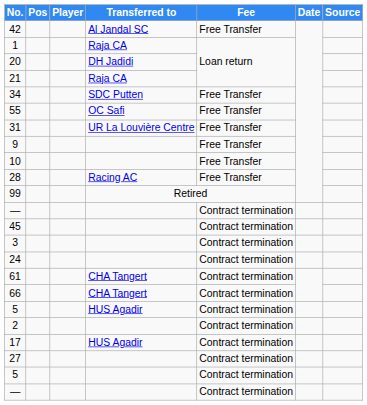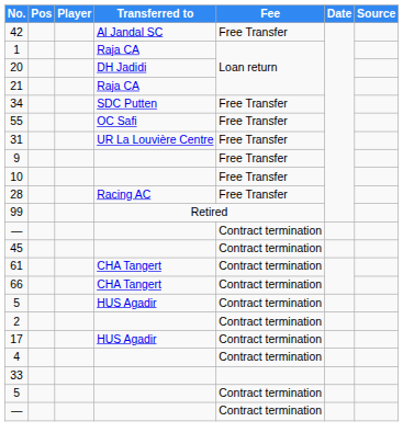 <table class="wikitable plainrowheaders sortable">
 <tr>
 <th style="background:#3088f2; color:#ffffff; ">No.</th>
 <th style="background:#3088f2; color:#ffffff; ">Pos</th>
 <th style="background:#3088f2; color:#ffffff; ">Player</th>
 <th style="background:#3088f2; color:#ffffff; ">Transferred to</th>
 <th style="background:#3088f2; color:#ffffff; ">Fee</th>
 <th style="background:#3088f2; color:#ffffff; ">Date</th>
 <th style="background:#3088f2; color:#ffffff; ">Source</th>
 </tr>
 <tr>
 <td align=center>42</td>
 <td align=center></td>
 <td></td>
 <td> <a href='#'>Al Jandal SC</a></td>
 <td>Free Transfer</td>
 <td rowspan=11></td>
 <td></td>
 </tr>
 <tr>
 <td align=center>1</td>
 <td align=center></td>
 <td></td>
 <td><a href='#'>Raja CA</a></td>
 <td rowspan=3>Loan return</td>
 <td></td>
 </tr>
 <tr>
 <td align=center>20</td>
 <td align=center></td>
 <td></td>
 <td><a href='#'>DH Jadidi</a></td>
 <td></td>
 </tr>
 <tr>
 <td align=center>21</td>
 <td align=center></td>
 <td></td>
 <td><a href='#'>Raja CA</a></td>
 <td></td>
 </tr>
 <tr>
 <td align=center>34</td>
 <td align=center></td>
 <td></td>
 <td> <a href='#'>SDC Putten</a></td>
 <td>Free Transfer</td>
 <td></td>
 </tr>
 <tr>
 <td align=center>55</td>
 <td align=center></td>
 <td></td>
 <td><a href='#'>OC Safi</a></td>
 <td>Free Transfer</td>
 <td></td>
 </tr>
 <tr>
 <td align=center>31</td>
 <td align=center></td>
 <td></td>
 <td> <a href='#'>UR La Louvière Centre</a></td>
 <td>Free Transfer</td>
 <td></td>
 </tr>
 <tr>
 <td align=center>9</td>
 <td align=center></td>
 <td></td>
 <td></td>
 <td>Free Transfer</td>
 <td></td>
 </tr>
 <tr>
 <td align=center>10</td>
 <td align=center></td>
 <td></td>
 <td></td>
 <td>Free Transfer</td>
 <td></td>
 </tr>
 <tr>
 <td align=center>28</td>
 <td align=center></td>
 <td></td>
 <td><a href='#'>Racing AC</a></td>
 <td>Free Transfer</td>
 <td></td>
 </tr>
 <tr>
 <td align=center>99</td>
 <td align=center></td>
 <td></td>
 <td colspan=2 align=center>Retired</td>
 <td></td>
 </tr>
 <tr>
 <td align=center>—</td>
 <td align=center></td>
 <td></td>
 <td></td>
 <td>Contract termination</td>
 <td></td>
 <td></td>
 </tr>
 <tr>
 <td align=center>45</td>
 <td align=center></td>
 <td></td>
 <td></td>
 <td>Contract termination</td>
 <td></td>
 <td></td>
 </tr>
 <tr>
-<td align=center>3</td>
-<td align=center></td>
-<td></td>
-<td></td>
-<td>Contract termination</td>
-<td></td>
-<td></td>
-</tr>
-<tr>
-<td align=center>24</td>
-<td align=center></td>
-<td></td>
-<td></td>
-<td>Contract termination</td>
-<td></td>
-<td></td>
-</tr>
-<tr>
 <td align=center>61</td>
 <td align=center></td>
 <td></td>
 <td><a href='#'>CHA Tangert</a></td>
 <td>Contract termination</td>
 <td rowspan=2></td>
 <td></td>
 </tr>
 <tr>
 <td align=center>66</td>
 <td align=center></td>
 <td></td>
 <td><a href='#'>CHA Tangert</a></td>
 <td>Contract termination</td>
 <td></td>
 </tr>
 <tr>
 <td align=center>5</td>
 <td align=center></td>
 <td></td>
 <td><a href='#'>HUS Agadir</a></td>
 <td>Contract termination</td>
 <td></td>
 <td></td>
 </tr>
 <tr>
 <td align=center>2</td>
 <td align=center></td>
 <td></td>
 <td></td>
 <td>Contract termination</td>
 <td></td>
 <td></td>
 </tr>
 <tr>
 <td align=center>17</td>
 <td align=center></td>
 <td></td>
 <td><a href='#'>HUS Agadir</a></td>
 <td>Contract termination</td>
 <td></td>
 <td></td>
 </tr>
 <tr>
-<td align=center>27</td>
+<td align=center>4</td>
 <td align=center></td>
 <td></td>
 <td></td>
 <td>Contract termination</td>
+<td></td>
+<td></td>
+</tr>
+<tr>
+<td align=center>33</td>
+<td align=center></td>
+<td></td>
+<td></td>
+<td></td>
 <td></td>
 <td></td>
 </tr>
 <tr>
 <td align=center>5</td>
 <td align=center></td>
 <td></td>
 <td></td>
 <td>Contract termination</td>
 <td></td>
 <td></td>
 </tr>
 <tr>
 <td align=center>—</td>
 <td align=center></td>
 <td></td>
 <td></td>
 <td>Contract termination</td>
 <td></td>
 <td></td>
 </tr>
 </table>
